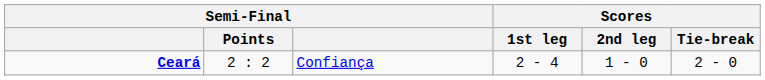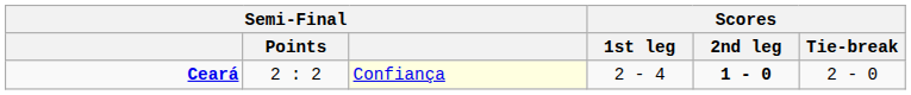 <table class="wikitable" style="text-align:center;">
 <tr>
 <th colspan=3>Semi-Final</th>
 <th colspan=3>Scores</th>
 </tr>
 <tr>
 <th width="175"></th>
 <th width="75">Points</th>
 <th width="175"></th>
 <th width="75">1st leg</th>
 <th width="75">2nd leg</th>
 <th width="75">Tie-break</th>
 </tr>
 <tr>
 <td align=right><strong><a href='#'>Ceará</a></strong></td>
 <td>2 : 2</td>
-<td align=left><a href='#'>Confiança</a></td>
+<td align=left style="background: lightyellow;"><a href='#'>Confiança</a></td>
 <td>2 - 4</td>
-<td>1 - 0</td>
+<td><strong>1 - 0</strong></td>
 <td>2 - 0</td>
 </tr>
 </table>
